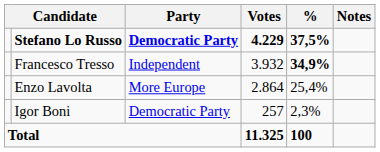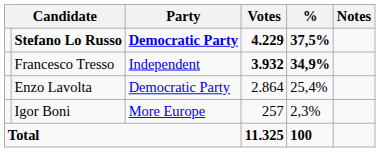 <table class="wikitable" style="font-size:95%">
 <tr style="background:#efefef;">
 <th colspan=2>Candidate</th>
 <th>Party</th>
 <th>Votes</th>
 <th>%</th>
 <th>Notes</th>
 </tr>
 <tr>
 <td></td>
 <td><strong>Stefano Lo Russo</strong></td>
 <td><strong><a href='#'>Democratic Party</a></strong></td>
 <td align=right><strong>4.229</strong></td>
 <td><strong>37,5%</strong></td>
 <td></td>
 </tr>
 <tr>
 <td></td>
 <td>Francesco Tresso</td>
 <td><a href='#'>Independent</a></td>
-<td align=right>3.932</td>
+<td align=right><strong>3.932</strong></td>
 <td><strong>34,9%</strong></td>
 <td></td>
 </tr>
 <tr>
 <td></td>
 <td>Enzo Lavolta</td>
-<td><a href='#'>More Europe</a></td>
+<td><a href='#'>Democratic Party</a></td>
 <td align=right>2.864</td>
 <td>25,4%</td>
 <td></td>
 </tr>
 <tr>
 <td></td>
 <td>Igor Boni</td>
-<td><a href='#'>Democratic Party</a></td>
+<td><a href='#'>More Europe</a></td>
 <td align=right>257</td>
 <td>2,3%</td>
 <td></td>
 </tr>
 <tr>
 <td align="left" colspan=3><strong>Total</strong></td>
 <td align="right"><strong>11.325</strong></td>
 <td><strong>100</strong></td>
 <td align="right"></td>
 </tr>
 </table>
